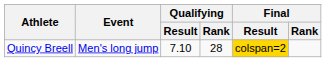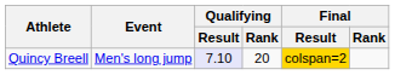 <table class=wikitable style="text-align:center; font-size:90%">
 <tr>
 <th rowspan=2>Athlete</th>
 <th rowspan=2>Event</th>
 <th colspan=2>Qualifying</th>
 <th colspan=2>Final</th>
 </tr>
 <tr>
 <th>Result</th>
 <th>Rank</th>
 <th>Result</th>
 <th>Rank</th>
 </tr>
 <tr>
 <td><a href='#'>Quincy Breell</a></td>
 <td><a href='#'>Men's long jump</a></td>
-<td>7.10</td>
-<td>28</td>
+<td style="background: lavender;">7.10</td>
+<td>20</td>
 <td style="background: gold;">colspan=2</td>
 </tr>
 </table>
